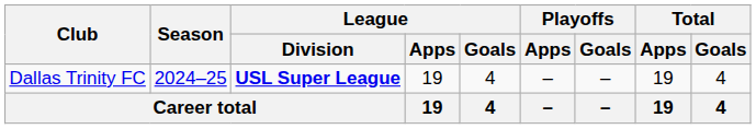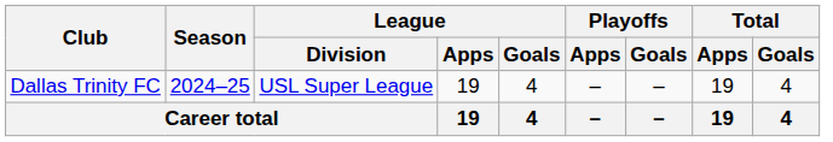 <table class="wikitable" style="text-align:center">
 <tr>
 <th rowspan="2">Club</th>
 <th rowspan="2">Season</th>
 <th colspan="3">League</th>
 <th colspan="2">Playoffs</th>
 <th colspan="2">Total</th>
 </tr>
 <tr>
 <th>Division</th>
 <th>Apps</th>
 <th>Goals</th>
 <th>Apps</th>
 <th>Goals</th>
 <th>Apps</th>
 <th>Goals</th>
 </tr>
 <tr>
 <td><a href='#'>Dallas Trinity FC</a></td>
 <td><a href='#'>2024–25</a></td>
-<td><strong><a href='#'>USL Super League</a></strong></td>
+<td><a href='#'>USL Super League</a></td>
 <td>19</td>
 <td>4</td>
 <td>–</td>
 <td>–</td>
 <td>19</td>
 <td>4</td>
 </tr>
 <tr>
 <th colspan="3">Career total</th>
 <th>19</th>
 <th>4</th>
 <th>–</th>
 <th>–</th>
 <th>19</th>
 <th>4</th>
 </tr>
 </table>
